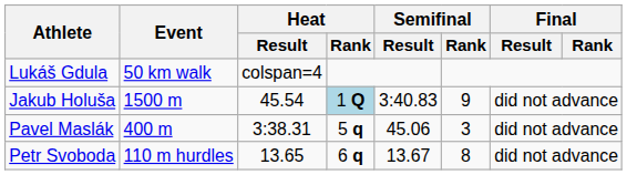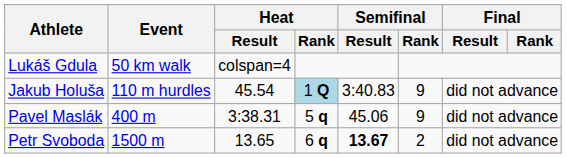 <table class="wikitable" style="font-size:90%">
 <tr>
 <th rowspan="2">Athlete</th>
 <th rowspan="2">Event</th>
 <th colspan="2">Heat</th>
 <th colspan="2">Semifinal</th>
 <th colspan="2">Final</th>
 </tr>
 <tr style="font-size:95%">
 <th>Result</th>
 <th>Rank</th>
 <th>Result</th>
 <th>Rank</th>
 <th>Result</th>
 <th>Rank</th>
 </tr>
 <tr align=center>
 <td align=left><a href='#'>Lukáš Gdula</a></td>
 <td align=left><a href='#'>50 km walk</a></td>
 <td>colspan=4 </td>
 <td colspan=2></td>
 </tr>
 <tr align=center>
 <td align=left><a href='#'>Jakub Holuša</a></td>
-<td align=left><a href='#'>1500 m</a></td>
+<td align=left><a href='#'>110 m hurdles</a></td>
 <td>45.54</td>
 <td style="background: lightblue;">1 <strong>Q</strong></td>
 <td>3:40.83</td>
 <td>9</td>
 <td colspan=2>did not advance</td>
 </tr>
 <tr align=center>
 <td align=left><a href='#'>Pavel Maslák</a></td>
 <td align=left><a href='#'>400 m</a></td>
 <td>3:38.31</td>
 <td>5 <strong>q</strong></td>
 <td>45.06</td>
-<td>3</td>
+<td>9</td>
 <td colspan=2>did not advance</td>
 </tr>
 <tr align=center>
 <td align=left><a href='#'>Petr Svoboda</a></td>
-<td align=left><a href='#'>110 m hurdles</a></td>
+<td align=left><a href='#'>1500 m</a></td>
 <td>13.65</td>
 <td>6 <strong>q</strong></td>
-<td>13.67</td>
-<td>8</td>
+<td><strong>13.67</strong></td>
+<td>2</td>
 <td colspan=2>did not advance</td>
 </tr>
 </table>
